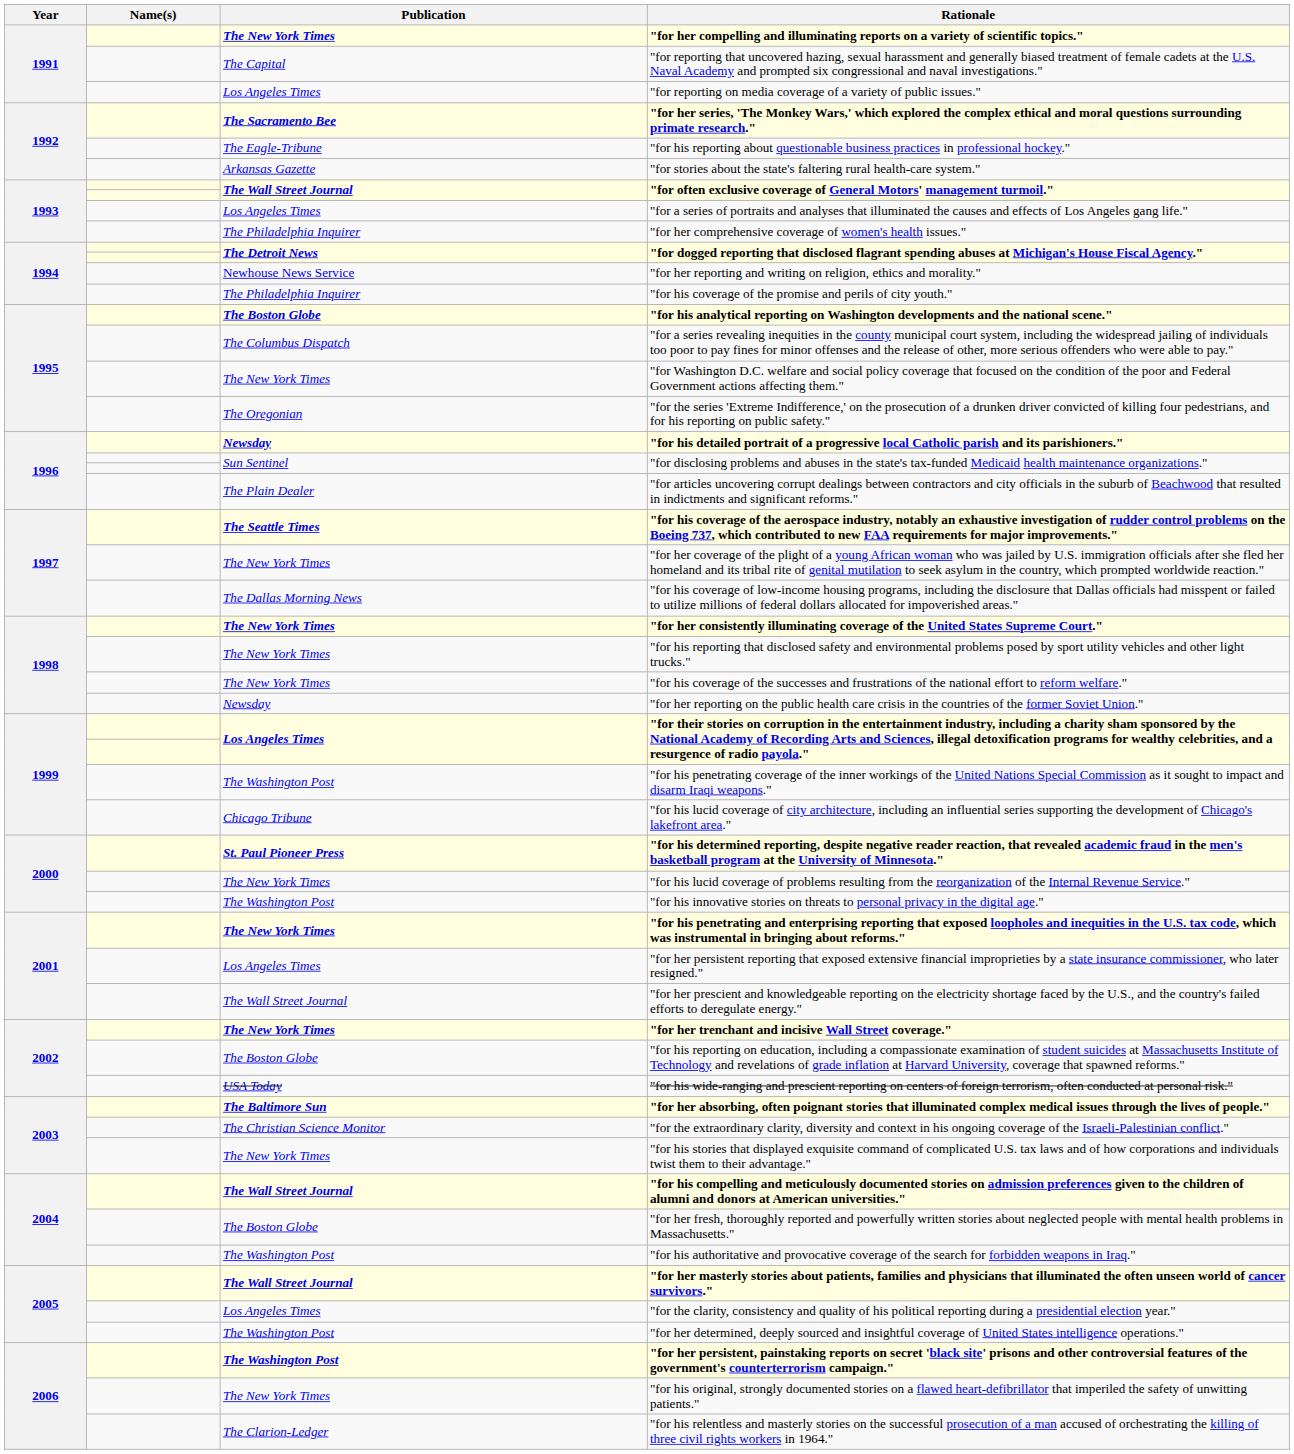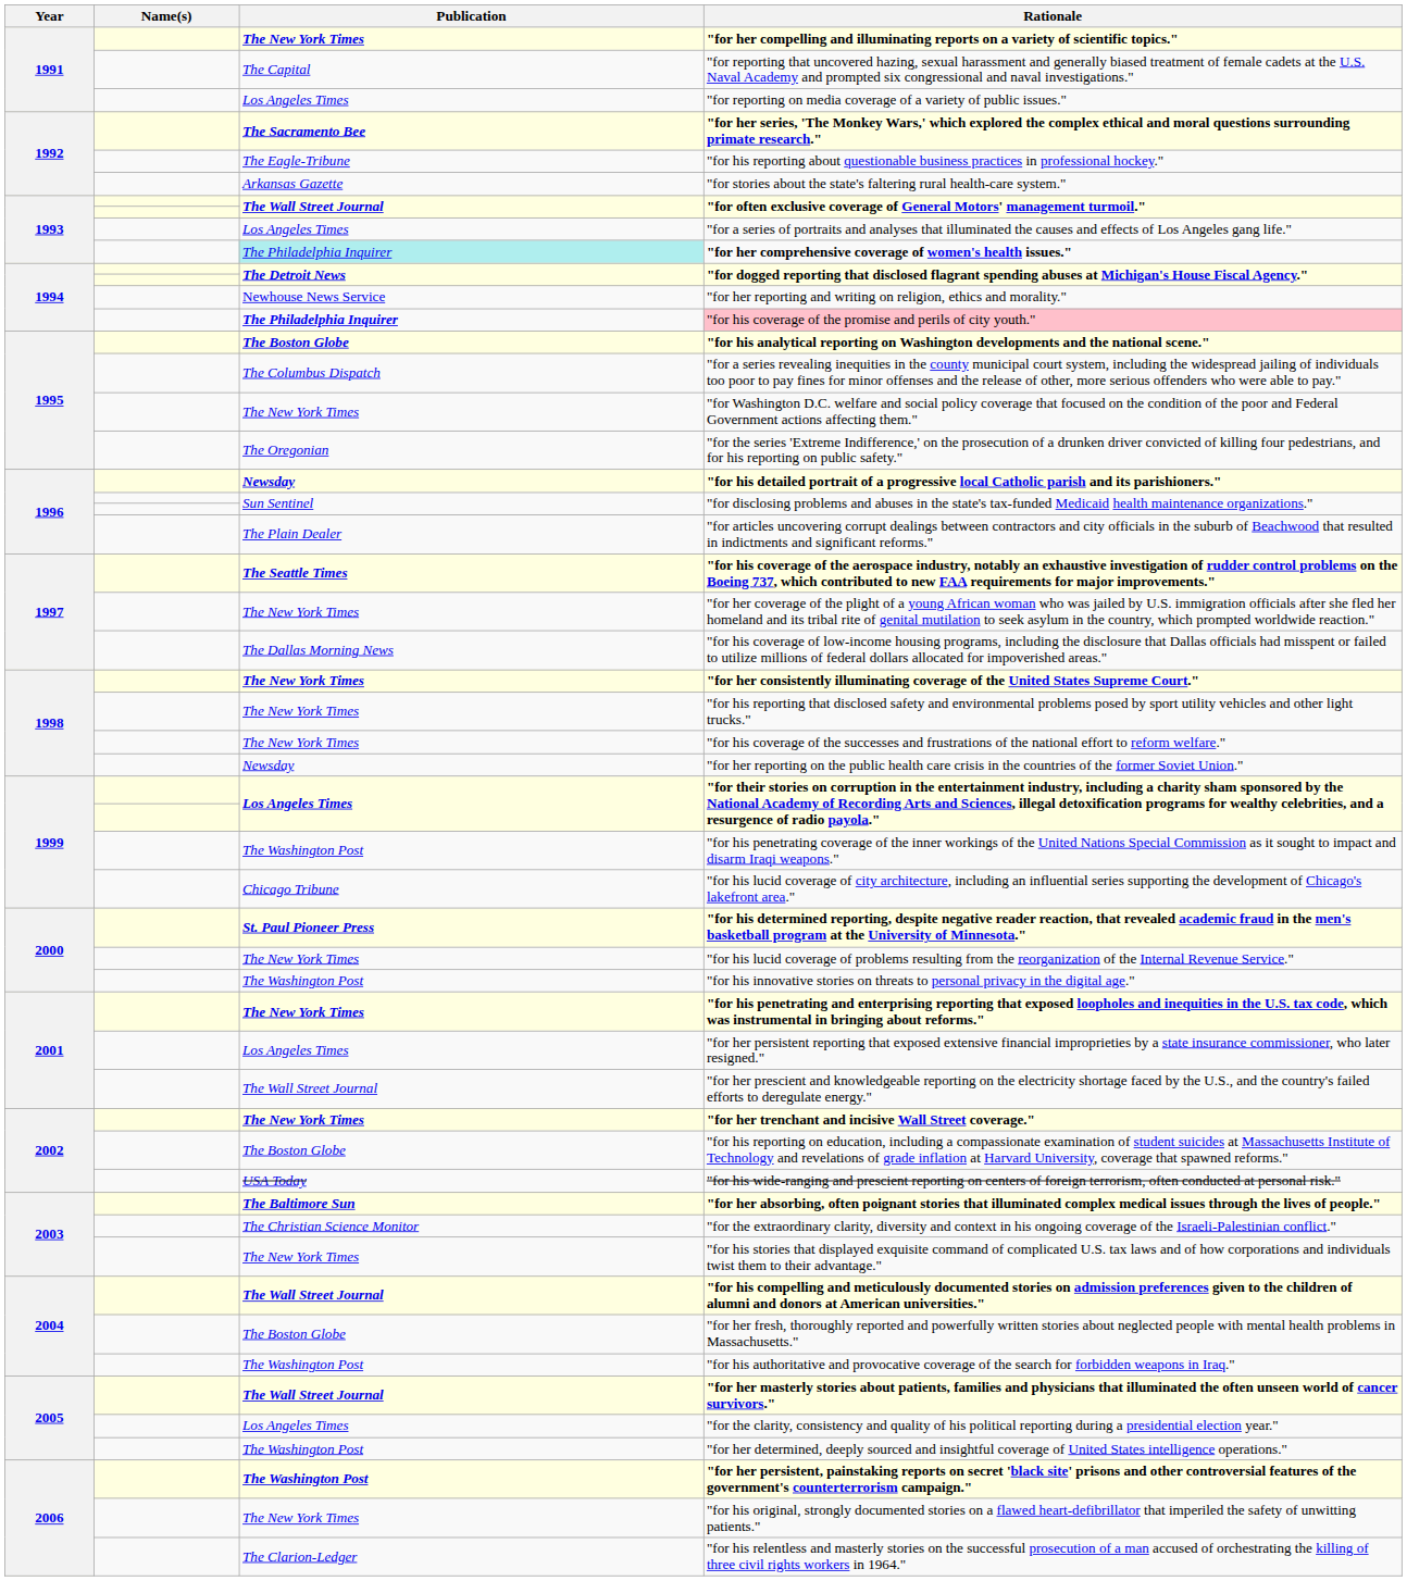 <table class="wikitable sortable">
 <tr style="vertical-align:bottom;">
 <th>Year</th>
 <th>Name(s)</th>
 <th>Publication</th>
 <th width=50%>Rationale</th>
 </tr>
 <tr style="background-color:lightyellow;">
 <th rowspan=3><strong><a href='#'>1991</a></strong></th>
 <td><strong></strong></td>
 <td><strong><em><a href='#'>The New York Times</a></em></strong></td>
 <td><strong>"for her compelling and illuminating reports on a variety of scientific topics."</strong></td>
 </tr>
 <tr>
 <td></td>
 <td><em><a href='#'>The Capital</a></em></td>
 <td>"for reporting that uncovered hazing, sexual harassment and generally biased treatment of female cadets at the <a href='#'>U.S. Naval Academy</a> and prompted six congressional and naval investigations."</td>
 </tr>
 <tr>
 <td></td>
 <td><em><a href='#'>Los Angeles Times</a></em></td>
 <td>"for reporting on media coverage of a variety of public issues."</td>
 </tr>
 <tr style="background-color:lightyellow;">
 <th rowspan=3><strong><a href='#'>1992</a></strong></th>
 <td><strong></strong></td>
 <td><strong><em><a href='#'>The Sacramento Bee</a></em></strong></td>
 <td><strong>"for her series, 'The Monkey Wars,' which explored the complex ethical and moral questions surrounding <a href='#'>primate research</a>."</strong></td>
 </tr>
 <tr>
 <td></td>
 <td><em><a href='#'>The Eagle-Tribune</a></em></td>
 <td>"for his reporting about <a href='#'>questionable business practices</a> in <a href='#'>professional hockey</a>."</td>
 </tr>
 <tr>
 <td></td>
 <td><em><a href='#'>Arkansas Gazette</a></em></td>
 <td>"for stories about the state's faltering rural health-care system."</td>
 </tr>
 <tr style="background-color:lightyellow;">
 <th rowspan=4><strong><a href='#'>1993</a></strong></th>
 <td><strong></strong></td>
 <td rowspan=2><strong><em><a href='#'>The Wall Street Journal</a></em></strong></td>
 <td rowspan=2><strong>"for often exclusive coverage of <a href='#'>General Motors</a>' <a href='#'>management turmoil</a>."</strong></td>
 </tr>
 <tr style="background-color:lightyellow;">
 <td><strong></strong></td>
 </tr>
 <tr>
 <td></td>
 <td><em><a href='#'>Los Angeles Times</a></em></td>
 <td>"for a series of portraits and analyses that illuminated the causes and effects of Los Angeles gang life."</td>
 </tr>
 <tr>
 <td></td>
-<td><em><a href='#'>The Philadelphia Inquirer</a></em></td>
-<td>"for her comprehensive coverage of <a href='#'>women's health</a> issues."</td>
+<td style="background: paleturquoise;"><em><a href='#'>The Philadelphia Inquirer</a></em></td>
+<td><strong>"for her comprehensive coverage of <a href='#'>women's health</a> issues."</strong></td>
 </tr>
 <tr style="background-color:lightyellow;">
 <th rowspan=4><strong><a href='#'>1994</a></strong></th>
 <td><strong></strong></td>
 <td rowspan=2><strong><em><a href='#'>The Detroit News</a></em></strong></td>
 <td rowspan=2><strong>"for dogged reporting that disclosed flagrant spending abuses at <a href='#'>Michigan's House Fiscal Agency</a>."</strong></td>
 </tr>
 <tr style="background-color:lightyellow;">
 <td><strong></strong></td>
 </tr>
 <tr>
 <td></td>
 <td><a href='#'>Newhouse News Service</a></td>
 <td>"for her reporting and writing on religion, ethics and morality."</td>
 </tr>
 <tr>
 <td></td>
-<td><em><a href='#'>The Philadelphia Inquirer</a></em></td>
-<td>"for his coverage of the promise and perils of city youth."</td>
+<td><strong><em><a href='#'>The Philadelphia Inquirer</a></em></strong></td>
+<td style="background: pink;">"for his coverage of the promise and perils of city youth."</td>
 </tr>
 <tr style="background-color:lightyellow;">
 <th rowspan=4><strong><a href='#'>1995</a></strong></th>
 <td><strong></strong></td>
 <td><strong><em><a href='#'>The Boston Globe</a></em></strong></td>
 <td><strong>"for his analytical reporting on Washington developments and the national scene."</strong></td>
 </tr>
 <tr>
 <td></td>
 <td><em><a href='#'>The Columbus Dispatch</a></em></td>
 <td>"for a series revealing inequities in the <a href='#'>county</a> municipal court system, including the widespread jailing of individuals too poor to pay fines for minor offenses and the release of other, more serious offenders who were able to pay."</td>
 </tr>
 <tr>
 <td></td>
 <td><em><a href='#'>The New York Times</a></em></td>
 <td>"for Washington D.C. welfare and social policy coverage that focused on the condition of the poor and Federal Government actions affecting them."</td>
 </tr>
 <tr>
 <td></td>
 <td><em><a href='#'>The Oregonian</a></em></td>
 <td>"for the series 'Extreme Indifference,' on the prosecution of a drunken driver convicted of killing four pedestrians, and for his reporting on public safety."</td>
 </tr>
 <tr style="background-color:lightyellow;">
 <th rowspan=4><strong><a href='#'>1996</a></strong></th>
 <td><strong></strong></td>
 <td><strong><em><a href='#'>Newsday</a></em></strong></td>
 <td><strong>"for his detailed portrait of a progressive <a href='#'>local Catholic parish</a> and its parishioners."</strong></td>
 </tr>
 <tr>
 <td></td>
 <td rowspan=2><em><a href='#'>Sun Sentinel</a></em></td>
 <td rowspan=2>"for disclosing problems and abuses in the state's tax-funded <a href='#'>Medicaid</a> <a href='#'>health maintenance organizations</a>."</td>
 </tr>
 <tr>
 <td></td>
 </tr>
 <tr>
 <td></td>
 <td><em><a href='#'>The Plain Dealer</a></em></td>
 <td>"for articles uncovering corrupt dealings between contractors and city officials in the suburb of <a href='#'>Beachwood</a> that resulted in indictments and significant reforms."</td>
 </tr>
 <tr style="background-color:lightyellow;">
 <th rowspan=3><strong><a href='#'>1997</a></strong></th>
 <td><strong></strong></td>
 <td><strong><em><a href='#'>The Seattle Times</a></em></strong></td>
 <td><strong>"for his coverage of the aerospace industry, notably an exhaustive investigation of <a href='#'>rudder control problems</a> on the <a href='#'>Boeing 737</a>, which contributed to new <a href='#'>FAA</a> requirements for major improvements."</strong></td>
 </tr>
 <tr>
 <td></td>
 <td><em><a href='#'>The New York Times</a></em></td>
 <td>"for her coverage of the plight of a <a href='#'>young African woman</a> who was jailed by U.S. immigration officials after she fled her homeland and its tribal rite of <a href='#'>genital mutilation</a> to seek asylum in the country, which prompted worldwide reaction."</td>
 </tr>
 <tr>
 <td></td>
 <td><em><a href='#'>The Dallas Morning News</a></em></td>
 <td>"for his coverage of low-income housing programs, including the disclosure that Dallas officials had misspent or failed to utilize millions of federal dollars allocated for impoverished areas."</td>
 </tr>
 <tr style="background-color:lightyellow;">
 <th rowspan=4><strong><a href='#'>1998</a></strong></th>
 <td><strong></strong></td>
 <td><strong><em><a href='#'>The New York Times</a></em></strong></td>
 <td><strong>"for her consistently illuminating coverage of the <a href='#'>United States Supreme Court</a>."</strong></td>
 </tr>
 <tr>
 <td></td>
 <td><em><a href='#'>The New York Times</a></em></td>
 <td>"for his reporting that disclosed safety and environmental problems posed by sport utility vehicles and other light trucks."</td>
 </tr>
 <tr>
 <td></td>
 <td><em><a href='#'>The New York Times</a></em></td>
 <td>"for his coverage of the successes and frustrations of the national effort to <a href='#'>reform welfare</a>."</td>
 </tr>
 <tr>
 <td></td>
 <td><em><a href='#'>Newsday</a></em></td>
 <td>"for her reporting on the public health care crisis in the countries of the <a href='#'>former Soviet Union</a>."</td>
 </tr>
 <tr style="background-color:lightyellow;">
 <th rowspan=4><strong><a href='#'>1999</a></strong></th>
 <td><strong></strong></td>
 <td rowspan=2><strong><em><a href='#'>Los Angeles Times</a></em></strong></td>
 <td rowspan=2><strong>"for their stories on corruption in the entertainment industry, including a charity sham sponsored by the <a href='#'>National Academy of Recording Arts and Sciences</a>, illegal detoxification programs for wealthy celebrities, and a resurgence of radio <a href='#'>payola</a>."</strong></td>
 </tr>
 <tr style="background-color:lightyellow;">
 <td><strong></strong></td>
 </tr>
 <tr>
 <td></td>
 <td><em><a href='#'>The Washington Post</a></em></td>
 <td>"for his penetrating coverage of the inner workings of the <a href='#'>United Nations Special Commission</a> as it sought to impact and <a href='#'>disarm Iraqi weapons</a>."</td>
 </tr>
 <tr>
 <td></td>
 <td><em><a href='#'>Chicago Tribune</a></em></td>
 <td>"for his lucid coverage of <a href='#'>city architecture</a>, including an influential series supporting the development of <a href='#'>Chicago's lakefront area</a>."</td>
 </tr>
 <tr style="background-color:lightyellow;">
 <th rowspan=3><strong><a href='#'>2000</a></strong></th>
 <td><strong></strong></td>
 <td><strong><em><a href='#'>St. Paul Pioneer Press</a></em></strong></td>
 <td><strong>"for his determined reporting, despite negative reader reaction, that revealed <a href='#'>academic fraud</a> in the <a href='#'>men's basketball program</a> at the <a href='#'>University of Minnesota</a>."</strong></td>
 </tr>
 <tr>
 <td></td>
 <td><em><a href='#'>The New York Times</a></em></td>
 <td>"for his lucid coverage of problems resulting from the <a href='#'>reorganization</a> of the <a href='#'>Internal Revenue Service</a>."</td>
 </tr>
 <tr>
 <td></td>
 <td><em><a href='#'>The Washington Post</a></em></td>
 <td>"for his innovative stories on threats to <a href='#'>personal privacy in the digital age</a>."</td>
 </tr>
 <tr style="background-color:lightyellow;">
 <th rowspan=3><strong><a href='#'>2001</a></strong></th>
 <td><strong></strong></td>
 <td><strong><em><a href='#'>The New York Times</a></em></strong></td>
 <td><strong>"for his penetrating and enterprising reporting that exposed <a href='#'>loopholes and inequities in the U.S. tax code</a>, which was instrumental in bringing about reforms."</strong></td>
 </tr>
 <tr>
 <td></td>
 <td><em><a href='#'>Los Angeles Times</a></em></td>
 <td>"for her persistent reporting that exposed extensive financial improprieties by a <a href='#'>state insurance commissioner</a>, who later resigned."</td>
 </tr>
 <tr>
 <td></td>
 <td><em><a href='#'>The Wall Street Journal</a></em></td>
 <td>"for her prescient and knowledgeable reporting on the electricity shortage faced by the U.S., and the country's failed efforts to deregulate energy."</td>
 </tr>
 <tr style="background-color:lightyellow;">
 <th rowspan=3><strong><a href='#'>2002</a></strong></th>
 <td><strong></strong></td>
 <td><strong><em><a href='#'>The New York Times</a></em></strong></td>
 <td><strong>"for her trenchant and incisive <a href='#'>Wall Street</a> coverage."</strong></td>
 </tr>
 <tr>
 <td></td>
 <td><em><a href='#'>The Boston Globe</a></em></td>
 <td>"for his reporting on education, including a compassionate examination of <a href='#'>student suicides</a> at <a href='#'>Massachusetts Institute of Technology</a> and revelations of <a href='#'>grade inflation</a> at <a href='#'>Harvard University</a>, coverage that spawned reforms."</td>
 </tr>
 <tr>
 <td><s></s></td>
 <td><s><em><a href='#'>USA Today</a></em></s></td>
 <td><s>"for his wide-ranging and prescient reporting on centers of foreign terrorism, often conducted at personal risk."</s></td>
 </tr>
 <tr style="background-color:lightyellow;">
 <th rowspan=3><strong><a href='#'>2003</a></strong></th>
 <td><strong></strong></td>
 <td><strong><em><a href='#'>The Baltimore Sun</a></em></strong></td>
 <td><strong>"for her absorbing, often poignant stories that illuminated complex medical issues through the lives of people."</strong></td>
 </tr>
 <tr>
 <td></td>
 <td><em><a href='#'>The Christian Science Monitor</a></em></td>
 <td>"for the extraordinary clarity, diversity and context in his ongoing coverage of the <a href='#'>Israeli-Palestinian conflict</a>."</td>
 </tr>
 <tr>
 <td></td>
 <td><em><a href='#'>The New York Times</a></em></td>
 <td>"for his stories that displayed exquisite command of complicated U.S. tax laws and of how corporations and individuals twist them to their advantage."</td>
 </tr>
 <tr style="background-color:lightyellow;">
 <th rowspan=3><strong><a href='#'>2004</a></strong></th>
 <td><strong></strong></td>
 <td><strong><em><a href='#'>The Wall Street Journal</a></em></strong></td>
 <td><strong>"for his compelling and meticulously documented stories on <a href='#'>admission preferences</a> given to the children of alumni and donors at American universities."</strong></td>
 </tr>
 <tr>
 <td></td>
 <td><em><a href='#'>The Boston Globe</a></em></td>
 <td>"for her fresh, thoroughly reported and powerfully written stories about neglected people with mental health problems in Massachusetts."</td>
 </tr>
 <tr>
 <td></td>
 <td><em><a href='#'>The Washington Post</a></em></td>
 <td>"for his authoritative and provocative coverage of the search for <a href='#'>forbidden weapons in Iraq</a>."</td>
 </tr>
 <tr style="background-color:lightyellow;">
 <th rowspan=3><strong><a href='#'>2005</a></strong></th>
 <td><strong></strong></td>
 <td><strong><em><a href='#'>The Wall Street Journal</a></em></strong></td>
 <td><strong>"for her masterly stories about patients, families and physicians that illuminated the often unseen world of <a href='#'>cancer survivors</a>."</strong></td>
 </tr>
 <tr>
 <td></td>
 <td><em><a href='#'>Los Angeles Times</a></em></td>
 <td>"for the clarity, consistency and quality of his political reporting during a <a href='#'>presidential election</a> year."</td>
 </tr>
 <tr>
 <td></td>
 <td><em><a href='#'>The Washington Post</a></em></td>
 <td>"for her determined, deeply sourced and insightful coverage of <a href='#'>United States intelligence</a> operations."</td>
 </tr>
 <tr style="background-color:lightyellow;">
 <th rowspan=3><strong><a href='#'>2006</a></strong></th>
 <td><strong></strong></td>
 <td><strong><em><a href='#'>The Washington Post</a></em></strong></td>
 <td><strong>"for her persistent, painstaking reports on secret '<a href='#'>black site</a>' prisons and other controversial features of the government's <a href='#'>counterterrorism</a> campaign."</strong></td>
 </tr>
 <tr>
 <td></td>
 <td><em><a href='#'>The New York Times</a></em></td>
 <td>"for his original, strongly documented stories on a <a href='#'>flawed heart-defibrillator</a> that imperiled the safety of unwitting patients."</td>
 </tr>
 <tr>
 <td></td>
 <td><em><a href='#'>The Clarion-Ledger</a></em></td>
 <td>"for his relentless and masterly stories on the successful <a href='#'>prosecution of a man</a> accused of orchestrating the <a href='#'>killing of three civil rights workers</a> in 1964."</td>
 </tr>
 </table>
